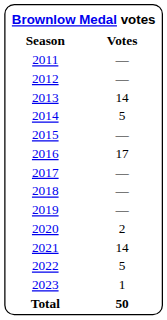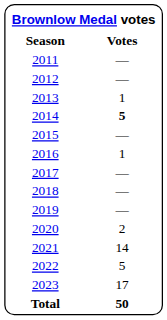 <table style="margin-right:4px; margin-top:8px; float:right; border:1px #000 solid; border-radius:8px; background:#fff; font-family:Verdana; font-size:8pt; text-align:center;">
 <tr style="background:#fff;">
 <td colspan="2;" style="padding:3px; margin-bottom:-3px; margin-top:2px; font-family:Arial; "><strong><a href='#'>Brownlow Medal</a> votes</strong></td>
 </tr>
 <tr>
 <th style="width:50%;">Season</th>
 <th style="width:50%;">Votes</th>
 </tr>
 <tr>
 <td><a href='#'>2011</a></td>
 <td>—</td>
 </tr>
 <tr>
 <td><a href='#'>2012</a></td>
 <td>—</td>
 </tr>
 <tr>
 <td><a href='#'>2013</a></td>
-<td>14</td>
+<td>1</td>
 </tr>
 <tr>
 <td><a href='#'>2014</a></td>
-<td>5</td>
+<td><strong>5</strong></td>
 </tr>
 <tr>
 <td><a href='#'>2015</a></td>
 <td>—</td>
 </tr>
 <tr>
 <td><a href='#'>2016</a></td>
-<td>17</td>
+<td>1</td>
 </tr>
 <tr>
 <td><a href='#'>2017</a></td>
 <td>—</td>
 </tr>
 <tr>
 <td><a href='#'>2018</a></td>
 <td>—</td>
 </tr>
 <tr>
 <td><a href='#'>2019</a></td>
 <td>—</td>
 </tr>
 <tr>
 <td><a href='#'>2020</a></td>
 <td>2</td>
 </tr>
 <tr>
 <td><a href='#'>2021</a></td>
 <td>14</td>
 </tr>
 <tr>
 <td><a href='#'>2022</a></td>
 <td>5</td>
 </tr>
 <tr>
 <td><a href='#'>2023</a></td>
-<td>1</td>
+<td>17</td>
 </tr>
 <tr>
 <td><strong>Total</strong></td>
 <td><strong>50</strong><br></td>
 </tr>
 </table>
